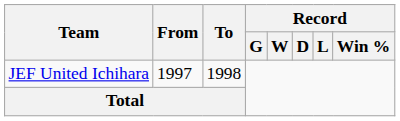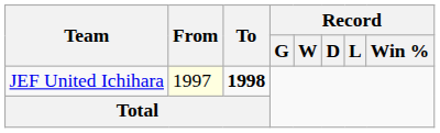 <table class="wikitable" style="text-align: center">
 <tr>
 <th rowspan="2">Team</th>
 <th rowspan="2">From</th>
 <th rowspan="2">To</th>
 <th colspan="5">Record</th>
 </tr>
 <tr>
 <th>G</th>
 <th>W</th>
 <th>D</th>
 <th>L</th>
 <th>Win %</th>
 </tr>
 <tr>
 <td align="left"><a href='#'>JEF United Ichihara</a></td>
-<td align="left">1997</td>
-<td align="left">1998<br></td>
+<td align="left" style="background: lightyellow;">1997</td>
+<td align="left"><strong>1998<br></strong></td>
 </tr>
 <tr>
 <th colspan="3">Total<br></th>
 </tr>
 </table>
